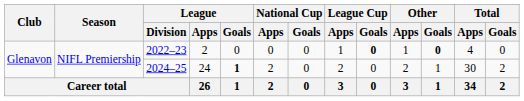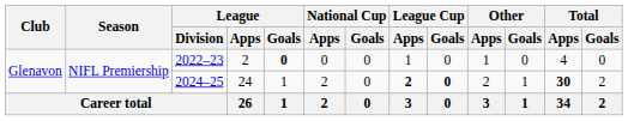 <table class=wikitable style=text-align:center>
 <tr>
 <th rowspan=2>Club</th>
 <th rowspan=2>Season</th>
 <th colspan=3>League</th>
 <th colspan=2>National Cup</th>
 <th colspan=2>League Cup</th>
 <th colspan=2>Other</th>
 <th colspan=2>Total</th>
 </tr>
 <tr>
 <th>Division</th>
 <th>Apps</th>
 <th>Goals</th>
 <th>Apps</th>
 <th>Goals</th>
 <th>Apps</th>
 <th>Goals</th>
 <th>Apps</th>
 <th>Goals</th>
 <th>Apps</th>
 <th>Goals</th>
 </tr>
 <tr>
 <td rowspan="2"><a href='#'>Glenavon</a></td>
 <td rowspan="2"><a href='#'>NIFL Premiership</a></td>
 <td><a href='#'>2022–23</a></td>
 <td>2</td>
-<td>0</td>
+<td><strong>0</strong></td>
 <td>0</td>
 <td>0</td>
 <td>1</td>
-<td><strong>0</strong></td>
+<td>0</td>
 <td>1</td>
-<td><strong>0</strong></td>
+<td>0</td>
 <td>4</td>
 <td>0</td>
 </tr>
 <tr>
 <td><a href='#'>2024–25</a></td>
 <td>24</td>
-<td><strong>1</strong></td>
+<td>1</td>
 <td>2</td>
 <td>0</td>
-<td>2</td>
-<td>0</td>
+<td><strong>2</strong></td>
+<td><strong>0</strong></td>
 <td>2</td>
 <td>1</td>
-<td>30</td>
+<td><strong>30</strong></td>
 <td>2</td>
 </tr>
 <tr>
 <th colspan=3>Career total</th>
 <th>26</th>
 <th>1</th>
 <th>2</th>
 <th>0</th>
 <th>3</th>
 <th>0</th>
 <th>3</th>
 <th>1</th>
 <th>34</th>
 <th>2</th>
 </tr>
 </table>
